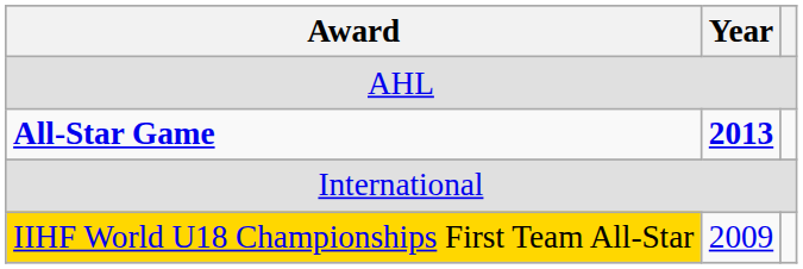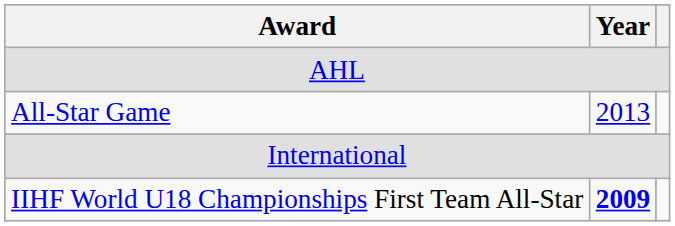 <table class="wikitable">
 <tr>
 <th>Award</th>
 <th>Year</th>
 <th></th>
 </tr>
 <tr ALIGN="center" bgcolor="#e0e0e0">
 <td colspan="3"><a href='#'>AHL</a></td>
 </tr>
 <tr>
-<td><strong><a href='#'>All-Star Game</a></strong></td>
-<td><strong><a href='#'>2013</a></strong></td>
+<td><a href='#'>All-Star Game</a></td>
+<td><a href='#'>2013</a></td>
 <td></td>
 </tr>
 <tr ALIGN="center" bgcolor="#e0e0e0">
 <td colspan="3"><a href='#'>International</a></td>
 </tr>
 <tr>
-<td style="background: gold;"><a href='#'>IIHF World U18 Championships</a> First Team All-Star</td>
-<td><a href='#'>2009</a></td>
+<td><a href='#'>IIHF World U18 Championships</a> First Team All-Star</td>
+<td><strong><a href='#'>2009</a></strong></td>
 <td></td>
 </tr>
 </table>
